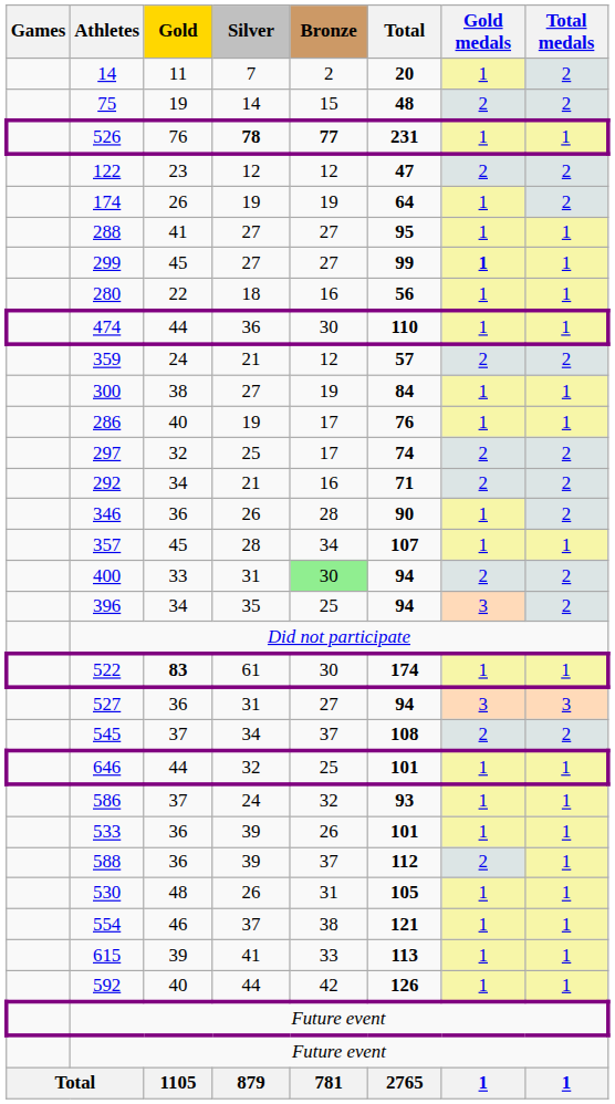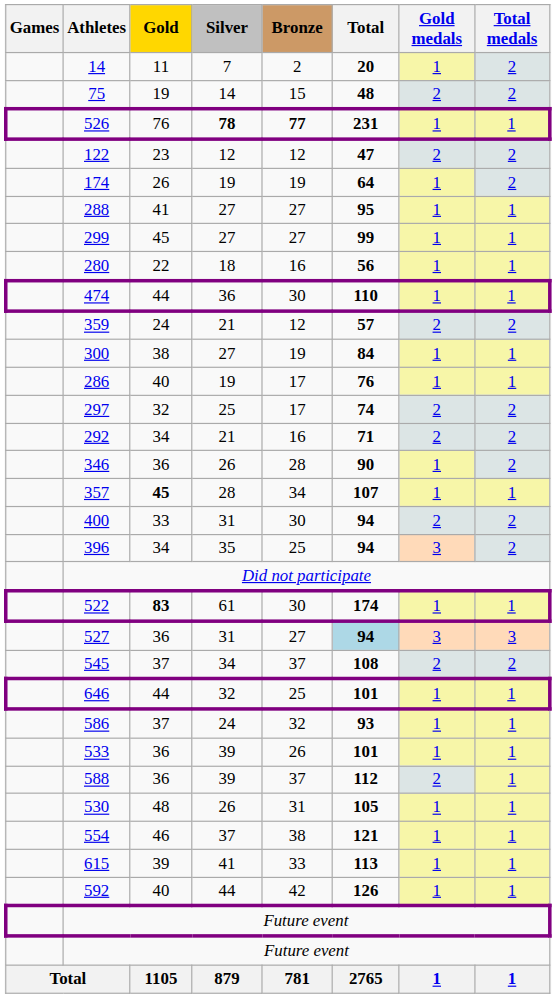 <table class="wikitable" style="text-align:center; font-size:90%;">
 <tr>
 <th>Games</th>
 <th>Athletes</th>
 <td style="background:gold; width:3.2em; font-weight:bold;">Gold</td>
 <td style="background:silver; width:3.7em; font-weight:bold;">Silver</td>
 <td style="background:#c96; width:3.7em; font-weight:bold;">Bronze</td>
 <th style="width:3.5em; font-weight:bold;">Total</th>
 <th style="width:4em; font-weight:bold;"><a href='#'>Gold medals</a></th>
 <th style="width:4em; font-weight:bold;"><a href='#'>Total medals</a></th>
 </tr>
 <tr>
 <td align=left></td>
 <td><a href='#'>14</a></td>
 <td>11</td>
 <td>7</td>
 <td>2</td>
 <td><strong>20</strong></td>
 <td style="background:#f7f6a8;"><a href='#'>1</a></td>
 <td style="background:#dce5e5;"><a href='#'>2</a></td>
 </tr>
 <tr>
 <td align=left></td>
 <td><a href='#'>75</a></td>
 <td>19</td>
 <td>14</td>
 <td>15</td>
 <td><strong>48</strong></td>
 <td style="background:#dce5e5;"><a href='#'>2</a></td>
 <td style="background:#dce5e5;"><a href='#'>2</a></td>
 </tr>
 <tr style="border: 3px solid purple">
 <td align=left></td>
 <td><a href='#'>526</a></td>
 <td>76</td>
 <td><strong>78</strong></td>
 <td><strong>77</strong></td>
 <td><strong>231</strong></td>
 <td style="background:#f7f6a8;"><a href='#'>1</a></td>
 <td style="background:#f7f6a8;"><a href='#'>1</a></td>
 </tr>
 <tr>
 <td align=left></td>
 <td><a href='#'>122</a></td>
 <td>23</td>
 <td>12</td>
 <td>12</td>
 <td><strong>47</strong></td>
 <td style="background:#dce5e5;"><a href='#'>2</a></td>
 <td style="background:#dce5e5;"><a href='#'>2</a></td>
 </tr>
 <tr>
 <td align=left></td>
 <td><a href='#'>174</a></td>
 <td>26</td>
 <td>19</td>
 <td>19</td>
 <td><strong>64</strong></td>
 <td style="background:#f7f6a8;"><a href='#'>1</a></td>
 <td style="background:#dce5e5;"><a href='#'>2</a></td>
 </tr>
 <tr>
 <td align=left></td>
 <td><a href='#'>288</a></td>
 <td>41</td>
 <td>27</td>
 <td>27</td>
 <td><strong>95</strong></td>
 <td style="background:#f7f6a8;"><a href='#'>1</a></td>
 <td style="background:#f7f6a8;"><a href='#'>1</a></td>
 </tr>
 <tr>
 <td align=left></td>
 <td><a href='#'>299</a></td>
 <td>45</td>
 <td>27</td>
 <td>27</td>
 <td><strong>99</strong></td>
-<td style="background:#f7f6a8;"><strong><a href='#'>1</a></strong></td>
+<td style="background:#f7f6a8;"><a href='#'>1</a></td>
 <td style="background:#f7f6a8;"><a href='#'>1</a></td>
 </tr>
 <tr>
 <td align=left></td>
 <td><a href='#'>280</a></td>
 <td>22</td>
 <td>18</td>
 <td>16</td>
 <td><strong>56</strong></td>
 <td style="background:#f7f6a8;"><a href='#'>1</a></td>
 <td style="background:#f7f6a8;"><a href='#'>1</a></td>
 </tr>
 <tr style="border: 3px solid purple">
 <td align=left></td>
 <td><a href='#'>474</a></td>
 <td>44</td>
 <td>36</td>
 <td>30</td>
 <td><strong>110</strong></td>
 <td style="background:#f7f6a8;"><a href='#'>1</a></td>
 <td style="background:#f7f6a8;"><a href='#'>1</a></td>
 </tr>
 <tr>
 <td align=left></td>
 <td><a href='#'>359</a></td>
 <td>24</td>
 <td>21</td>
 <td>12</td>
 <td><strong>57</strong></td>
 <td style="background:#dce5e5;"><a href='#'>2</a></td>
 <td style="background:#dce5e5;"><a href='#'>2</a></td>
 </tr>
 <tr>
 <td align=left></td>
 <td><a href='#'>300</a></td>
 <td>38</td>
 <td>27</td>
 <td>19</td>
 <td><strong>84</strong></td>
 <td style="background:#f7f6a8;"><a href='#'>1</a></td>
 <td style="background:#f7f6a8;"><a href='#'>1</a></td>
 </tr>
 <tr>
 <td align=left></td>
 <td><a href='#'>286</a></td>
 <td>40</td>
 <td>19</td>
 <td>17</td>
 <td><strong>76</strong></td>
 <td style="background:#f7f6a8;"><a href='#'>1</a></td>
 <td style="background:#f7f6a8;"><a href='#'>1</a></td>
 </tr>
 <tr>
 <td align=left></td>
 <td><a href='#'>297</a></td>
 <td>32</td>
 <td>25</td>
 <td>17</td>
 <td><strong>74</strong></td>
 <td style="background:#dce5e5;"><a href='#'>2</a></td>
 <td style="background:#dce5e5;"><a href='#'>2</a></td>
 </tr>
 <tr>
 <td align=left></td>
 <td><a href='#'>292</a></td>
 <td>34</td>
 <td>21</td>
 <td>16</td>
 <td><strong>71</strong></td>
 <td style="background:#dce5e5;"><a href='#'>2</a></td>
 <td style="background:#dce5e5;"><a href='#'>2</a></td>
 </tr>
 <tr>
 <td align=left></td>
 <td><a href='#'>346</a></td>
 <td>36</td>
 <td>26</td>
 <td>28</td>
 <td><strong>90</strong></td>
 <td style="background:#f7f6a8;"><a href='#'>1</a></td>
 <td style="background:#dce5e5;"><a href='#'>2</a></td>
 </tr>
 <tr>
 <td align=left></td>
 <td><a href='#'>357</a></td>
-<td>45</td>
+<td><strong>45</strong></td>
 <td>28</td>
 <td>34</td>
 <td><strong>107</strong></td>
 <td style="background:#f7f6a8;"><a href='#'>1</a></td>
 <td style="background:#f7f6a8;"><a href='#'>1</a></td>
 </tr>
 <tr>
 <td align=left></td>
 <td><a href='#'>400</a></td>
 <td>33</td>
 <td>31</td>
-<td style="background: lightgreen;">30</td>
+<td>30</td>
 <td><strong>94</strong></td>
 <td style="background:#dce5e5;"><a href='#'>2</a></td>
 <td style="background:#dce5e5;"><a href='#'>2</a></td>
 </tr>
 <tr>
 <td align=left></td>
 <td><a href='#'>396</a></td>
 <td>34</td>
 <td>35</td>
 <td>25</td>
 <td><strong>94</strong></td>
 <td style="background:#ffdab9;"><a href='#'>3</a></td>
 <td style="background:#dce5e5;"><a href='#'>2</a></td>
 </tr>
 <tr>
 <td align=left></td>
 <td colspan=8><em><a href='#'>Did not participate</a></em></td>
 </tr>
 <tr style="border: 3px solid purple">
 <td align=left></td>
 <td><a href='#'>522</a></td>
 <td><strong>83</strong></td>
 <td>61</td>
 <td>30</td>
 <td><strong>174</strong></td>
 <td style="background:#f7f6a8;"><a href='#'>1</a></td>
 <td style="background:#f7f6a8;"><a href='#'>1</a></td>
 </tr>
 <tr>
 <td align=left></td>
 <td><a href='#'>527</a></td>
 <td>36</td>
 <td>31</td>
 <td>27</td>
-<td><strong>94</strong></td>
+<td style="background: lightblue;"><strong>94</strong></td>
 <td style="background:#ffdab9;"><a href='#'>3</a></td>
 <td style="background:#ffdab9;"><a href='#'>3</a></td>
 </tr>
 <tr>
 <td align=left></td>
 <td><a href='#'>545</a></td>
 <td>37</td>
 <td>34</td>
 <td>37</td>
 <td><strong>108</strong></td>
 <td style="background:#dce5e5;"><a href='#'>2</a></td>
 <td style="background:#dce5e5;"><a href='#'>2</a></td>
 </tr>
 <tr style="border: 3px solid purple">
 <td align=left></td>
 <td><a href='#'>646</a></td>
 <td>44</td>
 <td>32</td>
 <td>25</td>
 <td><strong>101</strong></td>
 <td style="background:#f7f6a8;"><a href='#'>1</a></td>
 <td style="background:#f7f6a8;"><a href='#'>1</a></td>
 </tr>
 <tr>
 <td align=left></td>
 <td><a href='#'>586</a></td>
 <td>37</td>
 <td>24</td>
 <td>32</td>
 <td><strong>93</strong></td>
 <td style="background:#f7f6a8;"><a href='#'>1</a></td>
 <td style="background:#f7f6a8;"><a href='#'>1</a></td>
 </tr>
 <tr>
 <td align=left></td>
 <td><a href='#'>533</a></td>
 <td>36</td>
 <td>39</td>
 <td>26</td>
 <td><strong>101</strong></td>
 <td style="background:#f7f6a8;"><a href='#'>1</a></td>
 <td style="background:#f7f6a8;"><a href='#'>1</a></td>
 </tr>
 <tr>
 <td align=left></td>
 <td><a href='#'>588</a></td>
 <td>36</td>
 <td>39</td>
 <td>37</td>
 <td><strong>112</strong></td>
 <td style="background:#dce5e5;"><a href='#'>2</a></td>
 <td style="background:#f7f6a8;"><a href='#'>1</a></td>
 </tr>
 <tr>
 <td align=left></td>
 <td><a href='#'>530</a></td>
 <td>48</td>
 <td>26</td>
 <td>31</td>
 <td><strong>105</strong></td>
 <td style="background:#f7f6a8;"><a href='#'>1</a></td>
 <td style="background:#f7f6a8;"><a href='#'>1</a></td>
 </tr>
 <tr>
 <td align=left></td>
 <td><a href='#'>554</a></td>
 <td>46</td>
 <td>37</td>
 <td>38</td>
 <td><strong>121</strong></td>
 <td style="background:#f7f6a8;"><a href='#'>1</a></td>
 <td style="background:#f7f6a8;"><a href='#'>1</a></td>
 </tr>
 <tr>
 <td align=left></td>
 <td><a href='#'>615</a></td>
 <td>39</td>
 <td>41</td>
 <td>33</td>
 <td><strong>113</strong></td>
 <td style="background:#f7f6a8;"><a href='#'>1</a></td>
 <td style="background:#f7f6a8;"><a href='#'>1</a></td>
 </tr>
 <tr>
 <td align=left></td>
 <td><a href='#'>592</a></td>
 <td>40</td>
 <td>44</td>
 <td>42</td>
 <td><strong>126</strong></td>
 <td style="background:#f7f6a8;"><a href='#'>1</a></td>
 <td style="background:#f7f6a8;"><a href='#'>1</a></td>
 </tr>
 <tr style="border: 3px solid purple">
 <td align=left></td>
 <td colspan="8"><em>Future event</em></td>
 </tr>
 <tr>
 <td align=left></td>
 <td colspan="8"><em>Future event</em></td>
 </tr>
 <tr>
 <th colspan=2>Total</th>
 <th>1105</th>
 <th>879</th>
 <th>781</th>
 <th>2765</th>
 <th><a href='#'>1</a></th>
 <th><a href='#'>1</a></th>
 </tr>
 </table>
